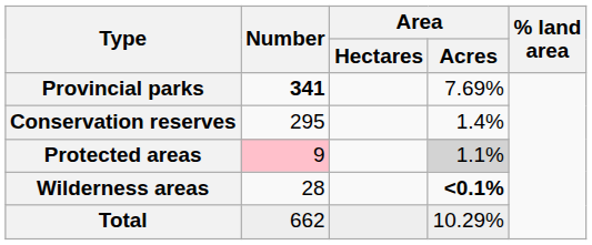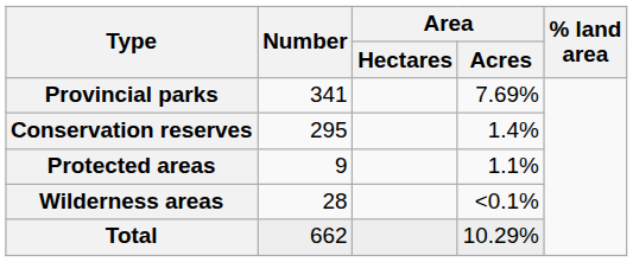 <table class="wikitable" style="float: right; margin-left: 1em">
 <tr>
 <th rowspan=2>Type</th>
 <th rowspan=2>Number</th>
 <th colspan=2>Area</th>
 <th rowspan=2>% land<br>area</th>
 </tr>
 <tr>
 <th>Hectares</th>
 <th>Acres</th>
 </tr>
 <tr ->
 <th>Provincial parks</th>
-<td style="text-align:right"><strong>341</strong></td>
+<td style="text-align:right">341</td>
 <td></td>
 <td style="text-align:right">7.69%</td>
 </tr>
 <tr>
 <th>Conservation reserves</th>
 <td style="text-align:right">295</td>
 <td></td>
 <td style="text-align:right">1.4%</td>
 </tr>
 <tr>
 <th>Protected areas</th>
-<td style="background: pink; text-align:right">9</td>
+<td style="text-align:right">9</td>
 <td></td>
-<td style="background: lightgrey; text-align:right">1.1%</td>
+<td style="text-align:right">1.1%</td>
 </tr>
 <tr>
 <th>Wilderness areas</th>
 <td style="text-align:right">28</td>
 <td></td>
-<td style="text-align:right"><strong><0.1%</strong></td>
+<td style="text-align:right"><0.1%</td>
 </tr>
 <tr style="background:#eee">
 <th>Total</th>
 <td style="text-align:right">662</td>
 <td></td>
 <td style="text-align:right">10.29%</td>
 </tr>
 </table>
